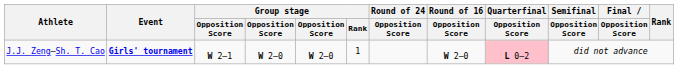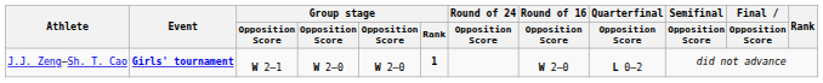 <table class="wikitable" style="font-size:90%">
 <tr>
 <th rowspan=2>Athlete</th>
 <th rowspan=2>Event</th>
 <th colspan=4>Group stage</th>
 <th>Round of 24</th>
 <th>Round of 16</th>
 <th>Quarterfinal</th>
 <th>Semifinal</th>
 <th>Final / </th>
 <th rowspan=2>Rank</th>
 </tr>
 <tr style="font-size:95%">
 <th>Opposition<br>Score</th>
 <th>Opposition<br>Score</th>
 <th>Opposition<br>Score</th>
 <th>Rank</th>
 <th>Opposition<br>Score</th>
 <th>Opposition<br>Score</th>
 <th>Opposition<br>Score</th>
 <th>Opposition<br>Score</th>
 <th>Opposition<br>Score</th>
 </tr>
 <tr align=center>
 <td><a href='#'>J.J. Zeng</a>–<a href='#'>Sh. T. Cao</a></td>
 <td><strong><a href='#'>Girls' tournament</a></strong></td>
 <td><br> <strong>W</strong> 2–1</td>
 <td><br> <strong>W</strong> 2–0</td>
 <td><br> <strong>W</strong> 2–0</td>
-<td>1</td>
+<td><strong>1</strong></td>
 <td></td>
 <td><br> <strong>W</strong> 2–0</td>
-<td style="background: pink;"><br> <strong>L</strong> 0–2</td>
+<td><br> <strong>L</strong> 0–2</td>
 <td Colspan=3><em>did not advance</em></td>
 </tr>
 </table>
